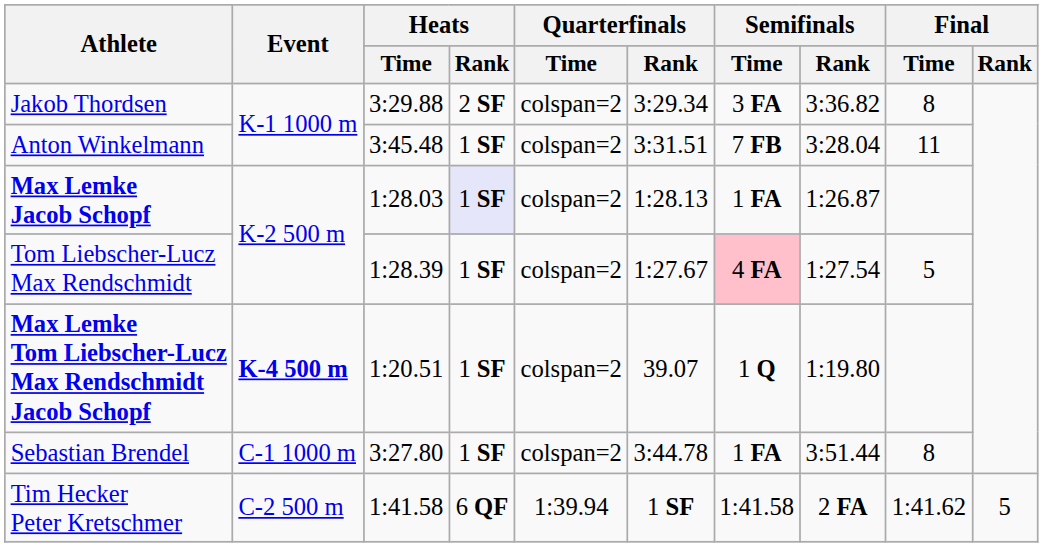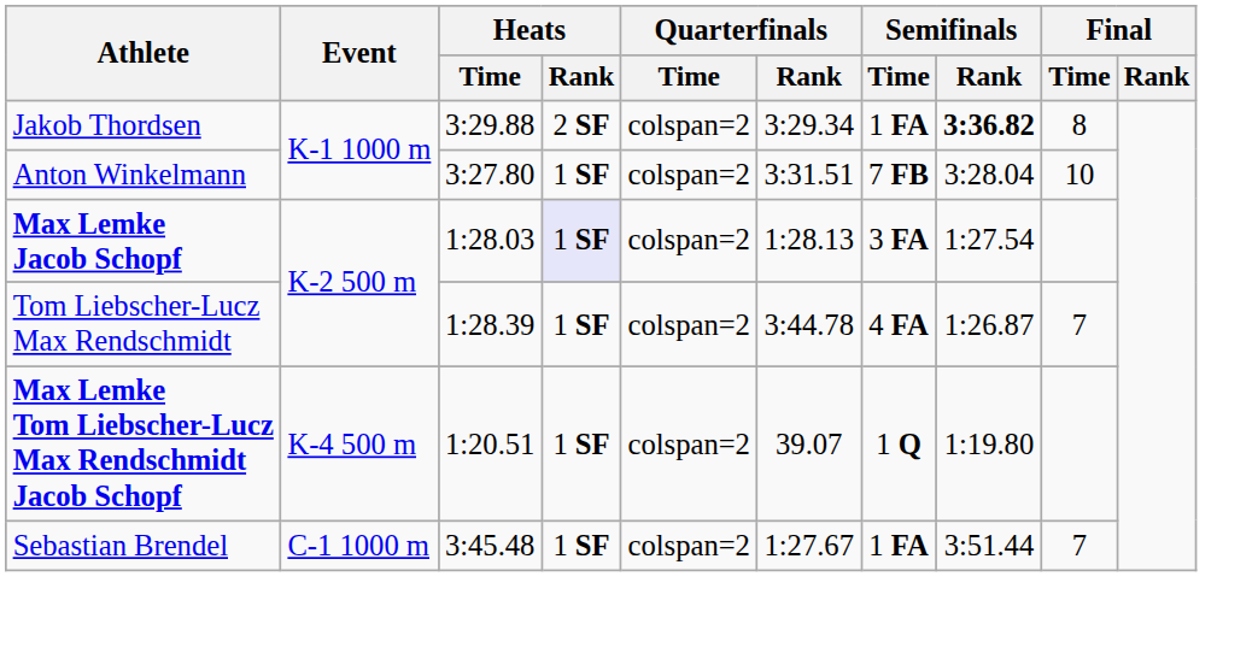 <table class=wikitable style="font-size:90%">
 <tr>
 <th rowspan="2">Athlete</th>
 <th rowspan="2">Event</th>
 <th colspan=2>Heats</th>
 <th colspan=2>Quarterfinals</th>
 <th colspan=2>Semifinals</th>
 <th colspan=2>Final</th>
 </tr>
 <tr style="font-size:95%">
 <th>Time</th>
 <th>Rank</th>
 <th>Time</th>
 <th>Rank</th>
 <th>Time</th>
 <th>Rank</th>
 <th>Time</th>
 <th>Rank</th>
 </tr>
 <tr align=center>
 <td align=left><a href='#'>Jakob Thordsen</a></td>
 <td align=left rowspan=2><a href='#'>K-1 1000 m</a></td>
 <td>3:29.88</td>
 <td>2 <strong>SF</strong></td>
 <td>colspan=2 </td>
 <td>3:29.34</td>
-<td>3 <strong>FA</strong></td>
-<td>3:36.82</td>
+<td>1 <strong>FA</strong></td>
+<td><strong>3:36.82</strong></td>
 <td>8</td>
 </tr>
 <tr align=center>
 <td align=left><a href='#'>Anton Winkelmann</a></td>
-<td>3:45.48</td>
+<td>3:27.80</td>
 <td>1 <strong>SF</strong></td>
 <td>colspan=2 </td>
 <td>3:31.51</td>
 <td>7 <strong>FB</strong></td>
 <td>3:28.04</td>
-<td>11</td>
+<td>10</td>
 </tr>
 <tr align=center>
 <td align=left><strong><a href='#'>Max Lemke</a><br><a href='#'>Jacob Schopf</a></strong></td>
 <td align=left rowspan=2><a href='#'>K-2 500 m</a></td>
 <td>1:28.03</td>
 <td style="background: lavender;">1 <strong>SF</strong></td>
 <td>colspan=2</td>
 <td>1:28.13</td>
-<td>1 <strong>FA</strong></td>
-<td>1:26.87</td>
+<td>3 <strong>FA</strong></td>
+<td>1:27.54</td>
 <td></td>
 </tr>
 <tr align=center>
 <td align=left><a href='#'>Tom Liebscher-Lucz</a><br><a href='#'>Max Rendschmidt</a></td>
 <td>1:28.39</td>
 <td>1 <strong>SF</strong></td>
 <td>colspan=2</td>
-<td>1:27.67</td>
-<td style="background: pink;">4 <strong>FA</strong></td>
-<td>1:27.54</td>
-<td>5</td>
+<td>3:44.78</td>
+<td>4 <strong>FA</strong></td>
+<td>1:26.87</td>
+<td>7</td>
 </tr>
 <tr align=center>
 <td align=left><strong><a href='#'>Max Lemke</a><br><a href='#'>Tom Liebscher-Lucz</a><br><a href='#'>Max Rendschmidt</a><br><a href='#'>Jacob Schopf</a></strong></td>
-<td align=left><strong><a href='#'>K-4 500 m</a></strong></td>
+<td align=left><a href='#'>K-4 500 m</a></td>
 <td>1:20.51</td>
 <td>1 <strong>SF</strong></td>
 <td>colspan=2 </td>
 <td>39.07</td>
 <td>1 <strong>Q</strong></td>
 <td>1:19.80</td>
 <td></td>
 </tr>
 <tr align=center>
 <td align=left><a href='#'>Sebastian Brendel</a></td>
 <td align=left><a href='#'>C-1 1000 m</a></td>
-<td>3:27.80</td>
+<td>3:45.48</td>
 <td>1 <strong>SF</strong></td>
 <td>colspan=2 </td>
-<td>3:44.78</td>
+<td>1:27.67</td>
 <td>1 <strong>FA</strong></td>
 <td>3:51.44</td>
-<td>8</td>
-</tr>
-<tr align=center>
-<td align=left><a href='#'>Tim Hecker</a><br><a href='#'>Peter Kretschmer</a></td>
-<td align=left><a href='#'>C-2 500 m</a></td>
-<td>1:41.58</td>
-<td>6 <strong>QF</strong></td>
-<td>1:39.94</td>
-<td>1 <strong>SF</strong></td>
-<td>1:41.58</td>
-<td>2 <strong>FA</strong></td>
-<td>1:41.62</td>
-<td>5</td>
+<td>7</td>
 </tr>
 </table>
